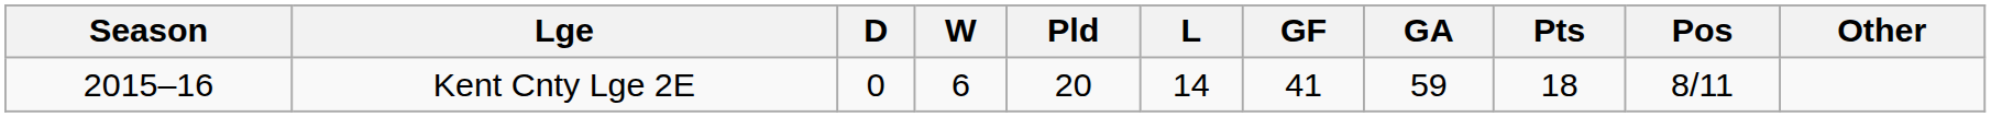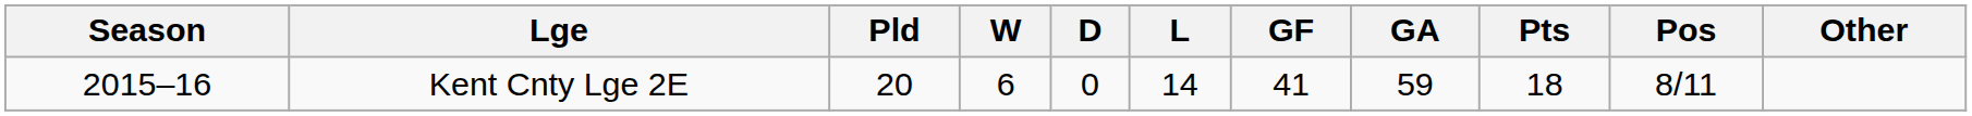 <table class="wikitable" style="width:75%; align:center; text-align:center">
 <tr>
 <th>Season</th>
 <th>Lge</th>
+<th>Pld</th>
+<th>W</th>
 <th>D</th>
-<th>W</th>
-<th>Pld</th>
 <th>L</th>
 <th>GF</th>
 <th>GA</th>
 <th>Pts</th>
 <th>Pos</th>
 <th>Other</th>
 </tr>
 <tr>
 <td>2015–16</td>
 <td>Kent Cnty Lge 2E</td>
+<td>20</td>
+<td>6</td>
 <td>0</td>
-<td>6</td>
-<td>20</td>
 <td>14</td>
 <td>41</td>
 <td>59</td>
 <td>18</td>
 <td>8/11</td>
 <td></td>
 </tr>
 </table>
